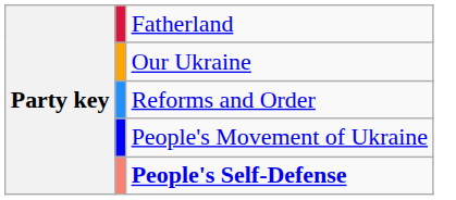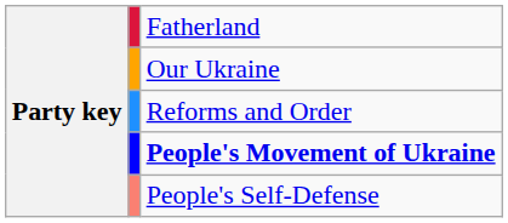 <table class=wikitable>
 <tr>
 <th rowspan=6>Party key</th>
 <td style="background:crimson"></td>
 <td><a href='#'>Fatherland</a></td>
 </tr>
 <tr>
 <td style="background:orange"></td>
 <td><a href='#'>Our Ukraine</a></td>
 </tr>
 <tr>
 <td style="background:dodgerblue"></td>
 <td><a href='#'>Reforms and Order</a></td>
 </tr>
 <tr>
 <td style="background:blue"></td>
-<td><a href='#'>People's Movement of Ukraine</a></td>
+<td><strong><a href='#'>People's Movement of Ukraine</a></strong></td>
 </tr>
 <tr>
 <td style="background:salmon"></td>
-<td><strong><a href='#'>People's Self-Defense</a></strong></td>
+<td><a href='#'>People's Self-Defense</a></td>
 </tr>
 </table>
